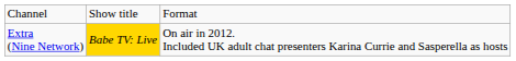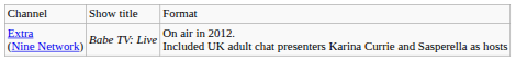 <table class="wikitable">
 <tr>
 <td>Channel</td>
 <td>Show title</td>
 <td>Format</td>
 </tr>
 <tr>
 <td><a href='#'>Extra</a> <br>(<a href='#'>Nine Network</a>)</td>
-<td style="background: gold;"><em>Babe TV: Live</em></td>
+<td><em>Babe TV: Live</em></td>
 <td>On air in 2012. <br> Included UK adult chat presenters Karina Currie and Sasperella as hosts</td>
 </tr>
 </table>
